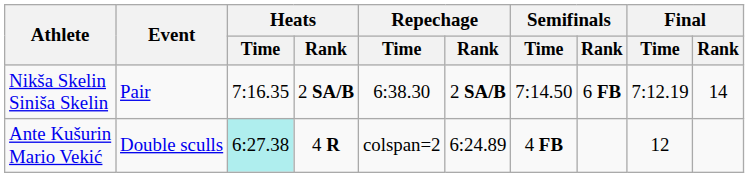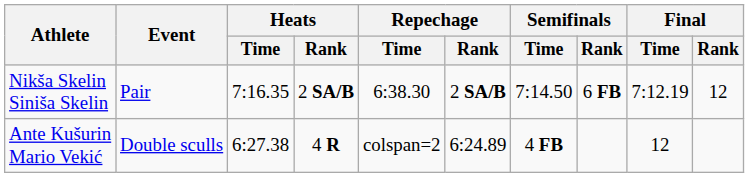 <table class="wikitable" style="font-size:90%">
 <tr>
 <th rowspan="2">Athlete</th>
 <th rowspan="2">Event</th>
 <th colspan="2">Heats</th>
 <th colspan="2">Repechage</th>
 <th colspan="2">Semifinals</th>
 <th colspan="2">Final</th>
 </tr>
 <tr style="font-size:95%">
 <th>Time</th>
 <th>Rank</th>
 <th>Time</th>
 <th>Rank</th>
 <th>Time</th>
 <th>Rank</th>
 <th>Time</th>
 <th>Rank</th>
 </tr>
 <tr align=center>
 <td align=left><a href='#'>Nikša Skelin</a><br><a href='#'>Siniša Skelin</a></td>
 <td align=left><a href='#'>Pair</a></td>
 <td>7:16.35</td>
 <td>2 <strong>SA/B</strong></td>
 <td>6:38.30</td>
 <td>2 <strong>SA/B</strong></td>
 <td>7:14.50</td>
 <td>6 <strong>FB</strong></td>
 <td>7:12.19</td>
-<td>14</td>
+<td>12</td>
 </tr>
 <tr align=center>
 <td align=left><a href='#'>Ante Kušurin</a><br><a href='#'>Mario Vekić</a></td>
 <td align=left><a href='#'>Double sculls</a></td>
-<td style="background: paleturquoise;">6:27.38</td>
+<td>6:27.38</td>
 <td>4 <strong>R</strong></td>
 <td>colspan=2 </td>
 <td>6:24.89</td>
 <td>4 <strong>FB</strong></td>
 <td></td>
 <td>12</td>
 </tr>
 </table>
